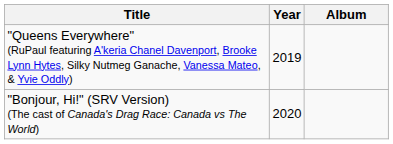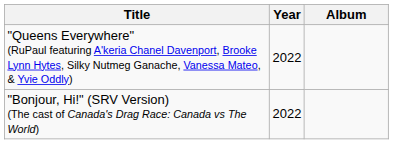 <table class="wikitable plainrowheaders" style="text-align:left;">
 <tr>
 <th scope="col"  style="width:20em;">Title</th>
 <th scope="col"  style="width:2em;">Year</th>
 <th scope="col"  style="width:6em;">Album</th>
 </tr>
 <tr>
 <td scope="row">"Queens Everywhere"<br><small>(RuPaul featuring <a href='#'>A'keria Chanel Davenport</a>, <a href='#'>Brooke Lynn Hytes</a>, Silky Nutmeg Ganache, <a href='#'>Vanessa Mateo</a>, & <a href='#'>Yvie Oddly</a>)</small></td>
-<td>2019</td>
+<td>2022</td>
 <td></td>
 </tr>
 <tr>
 <td scope="row">"Bonjour, Hi!" (SRV Version)<br><small>(The cast of <em>Canada's Drag Race: Canada vs The World</em>)</small></td>
-<td>2020</td>
+<td>2022</td>
 <td></td>
 </tr>
 </table>
